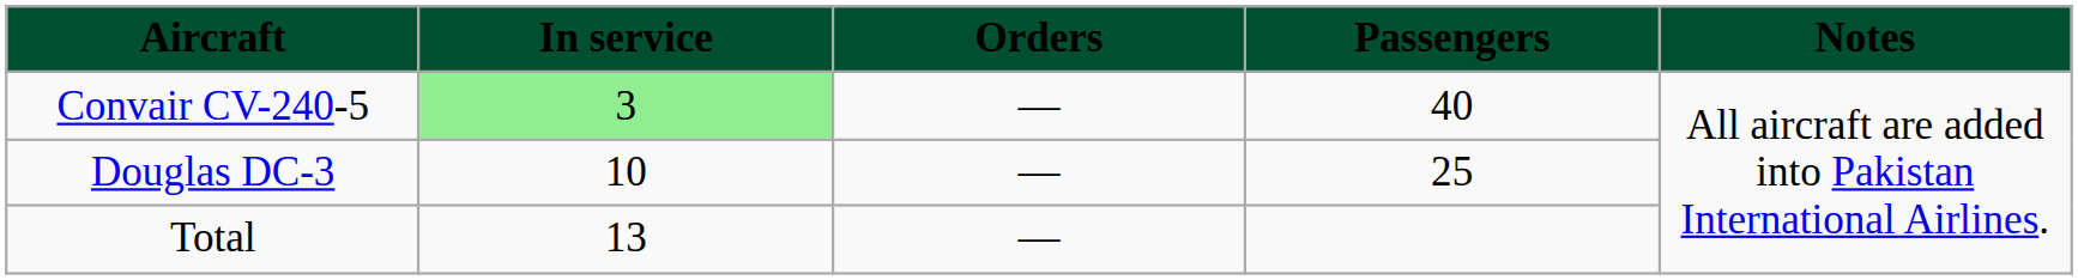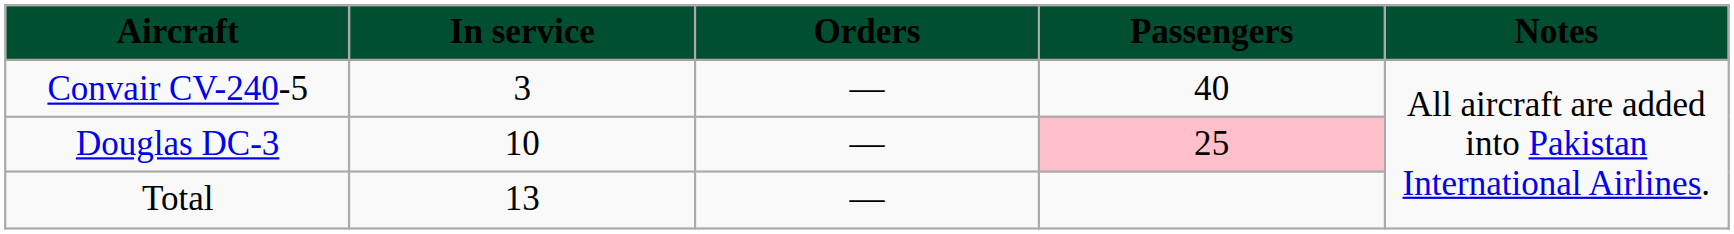 <table class="wikitable" style="border-collapse:collapse;text-align:center; margin: 1em auto;">
 <tr>
 <th style="background:#004F30; width:150px;"><span>Aircraft</span></th>
 <th style="background:#004F30; width:150px;"><span>In service</span></th>
 <th style="background:#004F30; width:150px;"><span>Orders</span></th>
 <th style="background:#004F30; width:150px;"><span>Passengers</span></th>
 <th style="background:#004F30; width:150px;"><span>Notes</span></th>
 </tr>
 <tr>
 <td><a href='#'>Convair CV-240</a>-5</td>
-<td style="background: lightgreen;">3</td>
+<td>3</td>
 <td>—</td>
 <td>40</td>
 <td rowspan="3">All aircraft are added into <a href='#'>Pakistan International Airlines</a>.</td>
 </tr>
 <tr>
 <td><a href='#'>Douglas DC-3</a></td>
 <td>10</td>
 <td>—</td>
-<td>25</td>
+<td style="background: pink;">25</td>
 </tr>
 <tr>
 <td>Total</td>
 <td>13</td>
 <td>—</td>
 <td></td>
 </tr>
 </table>
